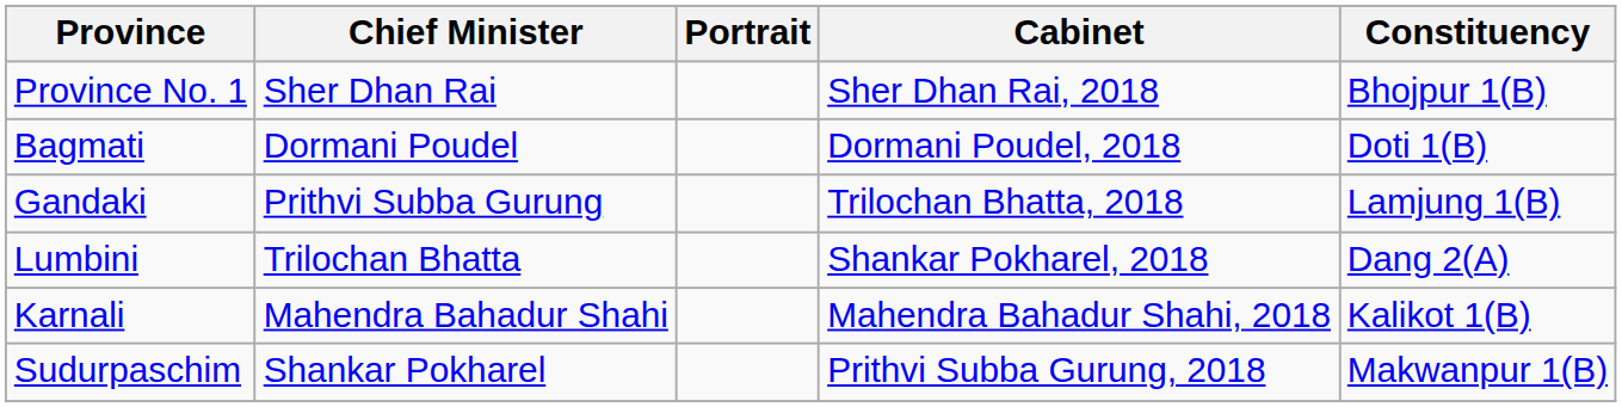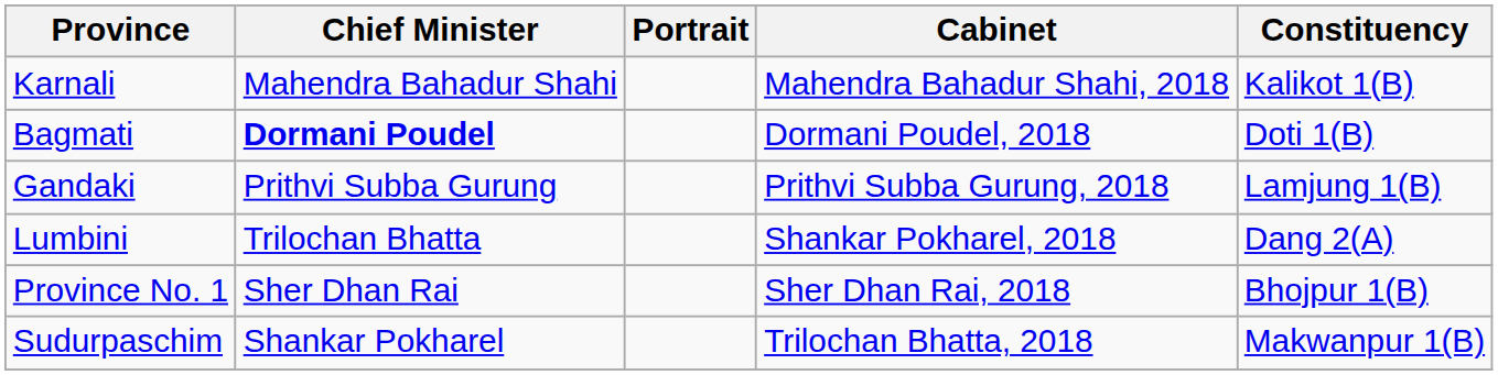 <table class="wikitable">
 <tr>
 <th style="background-color:">Province</th>
 <th style="background-color:">Chief Minister</th>
 <th style="background-color:">Portrait</th>
 <th style="background-color:">Cabinet</th>
 <th style="background-color:">Constituency</th>
 </tr>
 <tr>
-<td><a href='#'>Province No. 1</a></td>
-<td><a href='#'>Sher Dhan Rai</a></td>
+<td><a href='#'>Karnali</a></td>
+<td><a href='#'>Mahendra Bahadur Shahi</a></td>
 <td></td>
-<td><a href='#'>Sher Dhan Rai, 2018</a></td>
-<td><a href='#'>Bhojpur 1(B)</a></td>
+<td><a href='#'>Mahendra Bahadur Shahi, 2018</a></td>
+<td><a href='#'>Kalikot 1(B)</a></td>
 </tr>
 <tr>
 <td><a href='#'>Bagmati</a></td>
-<td><a href='#'>Dormani Poudel</a></td>
+<td><strong><a href='#'>Dormani Poudel</a></strong></td>
 <td></td>
 <td><a href='#'>Dormani Poudel, 2018</a></td>
 <td><a href='#'>Doti 1(B)</a></td>
 </tr>
 <tr>
 <td><a href='#'>Gandaki</a></td>
 <td><a href='#'>Prithvi Subba Gurung</a></td>
 <td></td>
-<td><a href='#'>Trilochan Bhatta, 2018</a></td>
+<td><a href='#'>Prithvi Subba Gurung, 2018</a></td>
 <td><a href='#'>Lamjung 1(B)</a></td>
 </tr>
 <tr>
 <td><a href='#'>Lumbini</a></td>
 <td><a href='#'>Trilochan Bhatta</a></td>
 <td></td>
 <td><a href='#'>Shankar Pokharel, 2018</a></td>
 <td><a href='#'>Dang 2(A)</a></td>
 </tr>
 <tr>
-<td><a href='#'>Karnali</a></td>
-<td><a href='#'>Mahendra Bahadur Shahi</a></td>
+<td><a href='#'>Province No. 1</a></td>
+<td><a href='#'>Sher Dhan Rai</a></td>
 <td></td>
-<td><a href='#'>Mahendra Bahadur Shahi, 2018</a></td>
-<td><a href='#'>Kalikot 1(B)</a></td>
+<td><a href='#'>Sher Dhan Rai, 2018</a></td>
+<td><a href='#'>Bhojpur 1(B)</a></td>
 </tr>
 <tr>
 <td><a href='#'>Sudurpaschim</a></td>
 <td><a href='#'>Shankar Pokharel</a></td>
 <td></td>
-<td><a href='#'>Prithvi Subba Gurung, 2018</a></td>
+<td><a href='#'>Trilochan Bhatta, 2018</a></td>
 <td><a href='#'>Makwanpur 1(B)</a></td>
 </tr>
 </table>
